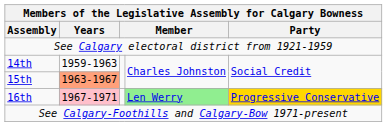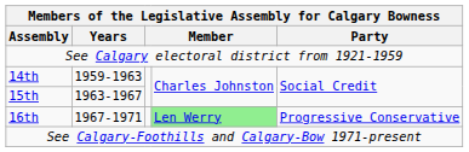 <table class="wikitable" align=right>
 <tr>
 <th colspan=5>Members of the Legislative Assembly for Calgary Bowness</th>
 </tr>
 <tr>
 <th>Assembly</th>
 <th>Years</th>
 <th colspan="2">Member</th>
 <th>Party</th>
 </tr>
 <tr>
 <td align="center" colspan=5><em>See <a href='#'>Calgary</a> electoral district from 1921-1959</em></td>
 </tr>
 <tr>
 <td><a href='#'>14th</a></td>
 <td>1959-1963</td>
 <td rowspan=2 ></td>
 <td rowspan=2><a href='#'>Charles Johnston</a></td>
 <td rowspan=2><a href='#'>Social Credit</a></td>
 </tr>
 <tr>
 <td><a href='#'>15th</a></td>
-<td style="background: lightsalmon;">1963-1967</td>
+<td>1963-1967</td>
 </tr>
 <tr>
 <td><a href='#'>16th</a></td>
-<td style="background: pink;">1967-1971</td>
+<td>1967-1971</td>
 <td></td>
 <td style="background: lightgreen;"><a href='#'>Len Werry</a></td>
-<td style="background: gold;"><a href='#'>Progressive Conservative</a></td>
+<td><a href='#'>Progressive Conservative</a></td>
 </tr>
 <tr>
 <td align="center" colspan=5><em>See <a href='#'>Calgary-Foothills</a> and <a href='#'>Calgary-Bow</a> 1971-present</em></td>
 </tr>
 </table>
